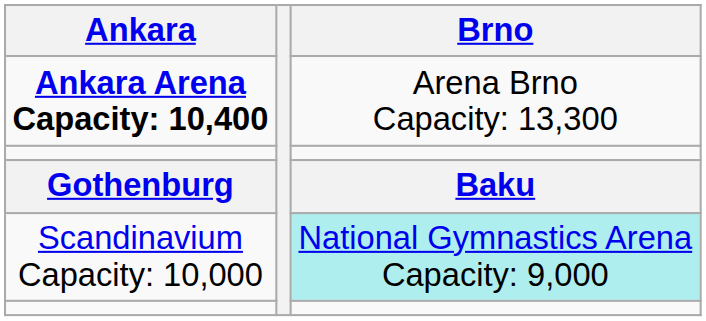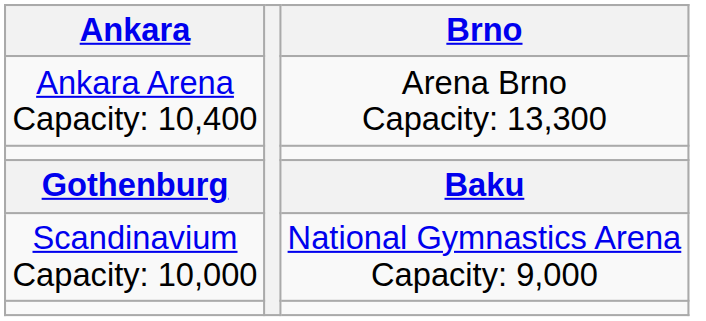 <table class="wikitable" style="text-align:center;">
 <tr>
 <th> <a href='#'>Ankara</a></th>
 <th rowspan=6></th>
 <th> <a href='#'>Brno</a></th>
 </tr>
 <tr>
-<td><strong><a href='#'>Ankara Arena</a><br>Capacity: 10,400</strong></td>
+<td><a href='#'>Ankara Arena</a><br>Capacity: 10,400</td>
 <td>Arena Brno<br>Capacity: 13,300</td>
 </tr>
 <tr>
 <td></td>
 <td></td>
 </tr>
 <tr>
 <th> <a href='#'>Gothenburg</a></th>
 <th> <a href='#'>Baku</a></th>
 </tr>
 <tr>
 <td><a href='#'>Scandinavium</a><br>Capacity: 10,000</td>
-<td style="background: paleturquoise;"><a href='#'>National Gymnastics Arena</a><br>Capacity: 9,000</td>
+<td><a href='#'>National Gymnastics Arena</a><br>Capacity: 9,000</td>
 </tr>
 <tr>
 <td></td>
 <td></td>
 </tr>
 </table>
